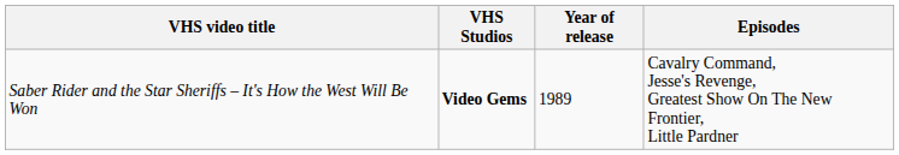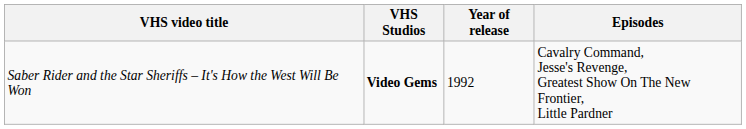 <table class="wikitable">
 <tr>
 <th>VHS video title</th>
 <th>VHS Studios</th>
 <th>Year of release</th>
 <th>Episodes</th>
 </tr>
 <tr>
 <td><em>Saber Rider and the Star Sheriffs – It's How the West Will Be Won</em></td>
 <td><strong>Video Gems</strong></td>
-<td>1989</td>
+<td>1992</td>
 <td>Cavalry Command,<br>Jesse's Revenge,<br>Greatest Show On The New Frontier,<br>Little Pardner</td>
 </tr>
 </table>
